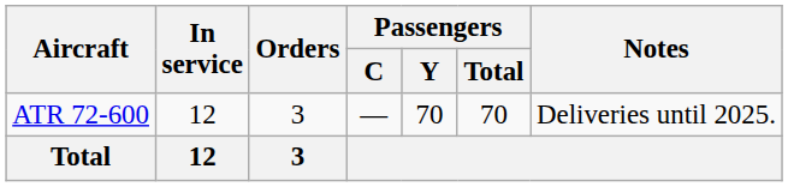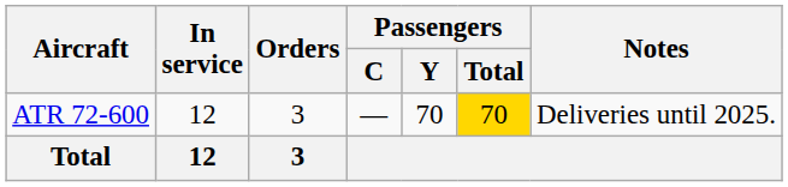 <table class="wikitable" style="margin:0.5em auto; text-align:center">
 <tr>
 <th rowspan="2">Aircraft</th>
 <th rowspan="2" style="width:30pt;">In<br>service</th>
 <th rowspan="2" style="width:25pt;">Orders</th>
 <th colspan="3">Passengers</th>
 <th rowspan="2">Notes</th>
 </tr>
 <tr>
 <th style="width:25px;"><abbr>C</abbr></th>
 <th style="width:25px;"><abbr>Y</abbr></th>
 <th style="width:30px;">Total</th>
 </tr>
 <tr>
 <td><a href='#'>ATR 72-600</a></td>
 <td>12</td>
 <td>3</td>
 <td>—</td>
 <td>70</td>
-<td>70</td>
+<td style="background: gold;">70</td>
 <td>Deliveries until 2025.</td>
 </tr>
 <tr>
 <th>Total</th>
 <th>12</th>
 <th>3</th>
 <th colspan="4"></th>
 </tr>
 </table>
